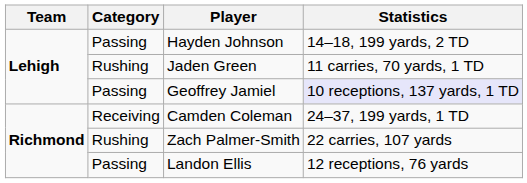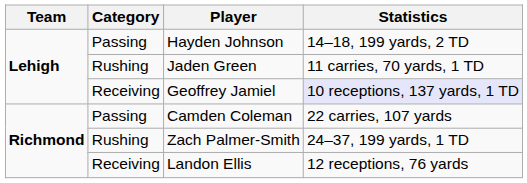 <table class="wikitable" style="float: right;">
 <tr>
 <th>Team</th>
 <th>Category</th>
 <th>Player</th>
 <th>Statistics</th>
 </tr>
 <tr>
 <td rowspan=3><strong>Lehigh</strong></td>
 <td>Passing</td>
 <td>Hayden Johnson</td>
 <td>14–18, 199 yards, 2 TD</td>
 </tr>
 <tr>
 <td>Rushing</td>
 <td>Jaden Green</td>
 <td>11 carries, 70 yards, 1 TD</td>
 </tr>
 <tr>
-<td>Passing</td>
+<td>Receiving</td>
 <td>Geoffrey Jamiel</td>
 <td style="background: lavender;">10 receptions, 137 yards, 1 TD</td>
 </tr>
 <tr>
 <td rowspan=3><strong>Richmond</strong></td>
-<td>Receiving</td>
+<td>Passing</td>
 <td>Camden Coleman</td>
-<td>24–37, 199 yards, 1 TD</td>
+<td>22 carries, 107 yards</td>
 </tr>
 <tr>
 <td>Rushing</td>
 <td>Zach Palmer-Smith</td>
-<td>22 carries, 107 yards</td>
+<td>24–37, 199 yards, 1 TD</td>
 </tr>
 <tr>
-<td>Passing</td>
+<td>Receiving</td>
 <td>Landon Ellis</td>
 <td>12 receptions, 76 yards</td>
 </tr>
 </table>
